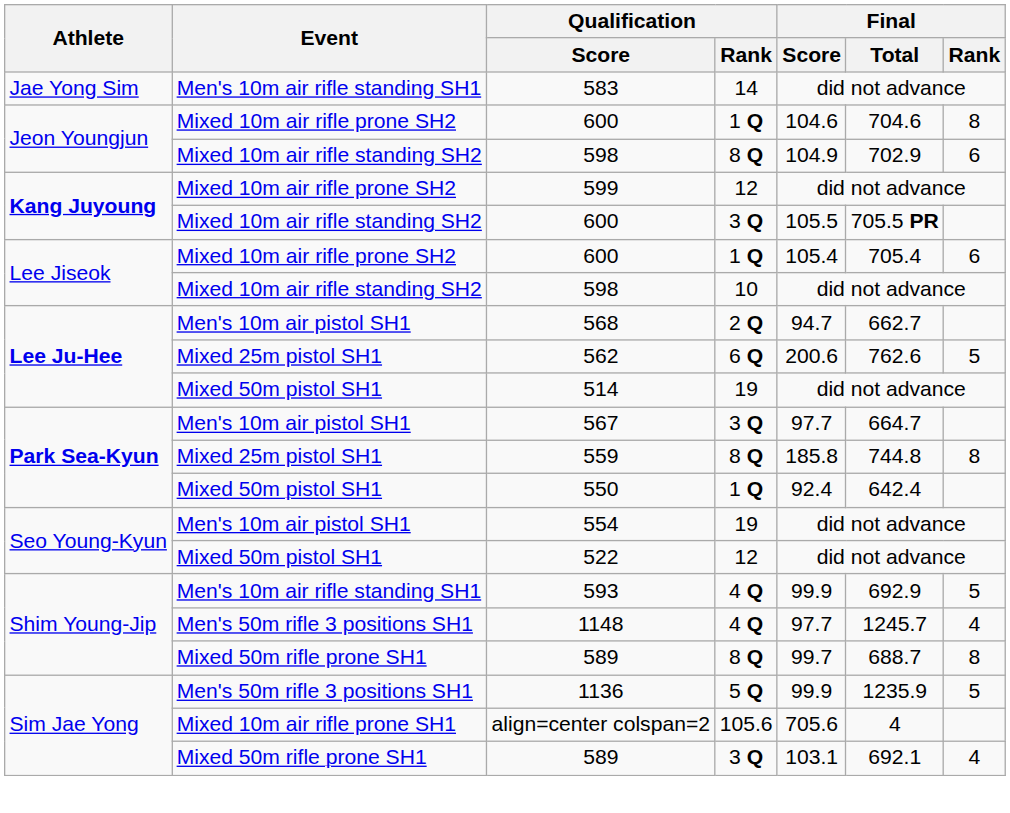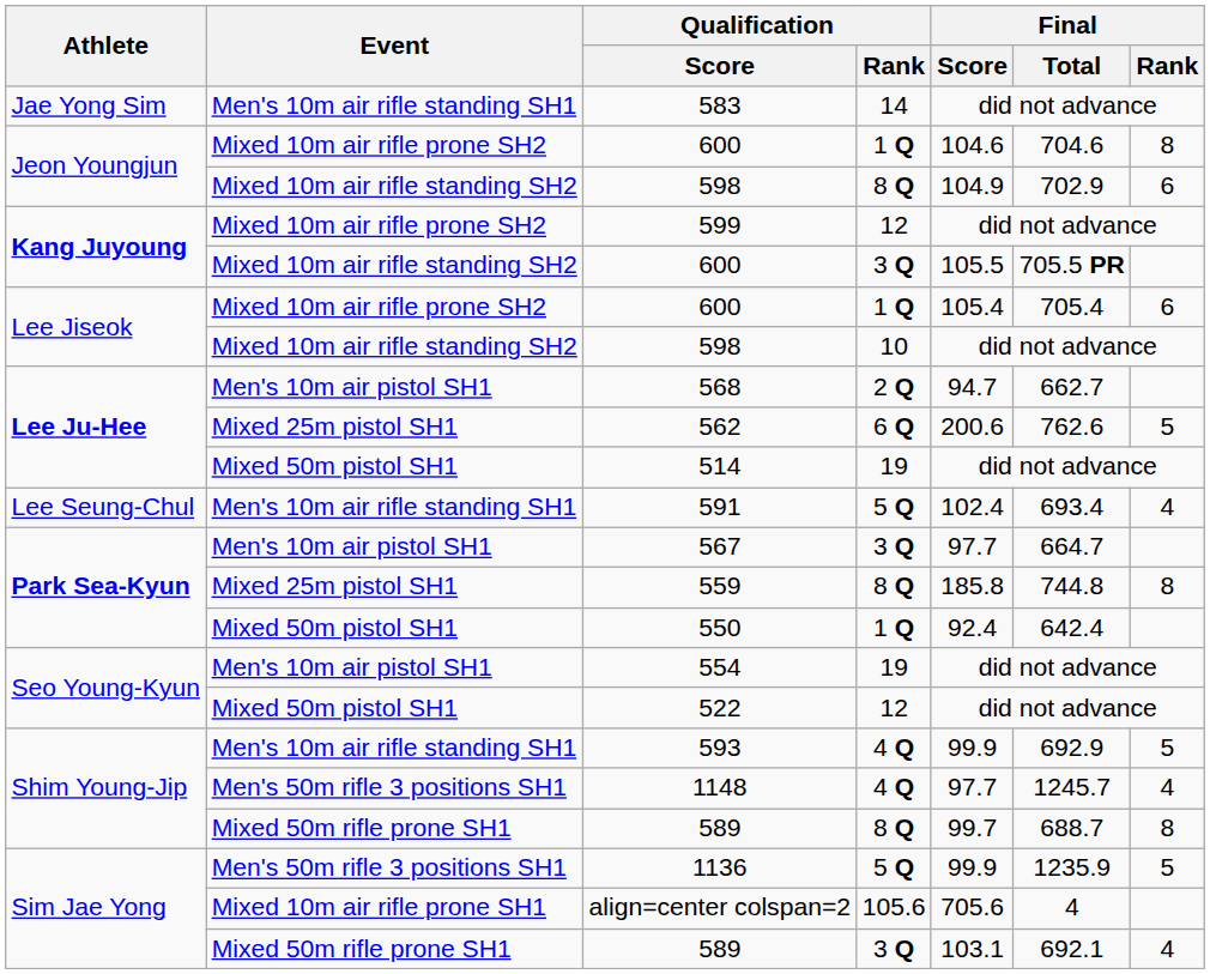 <table class=wikitable>
 <tr>
 <th rowspan="2">Athlete</th>
 <th rowspan="2">Event</th>
 <th colspan="2">Qualification</th>
 <th colspan="3">Final</th>
 </tr>
 <tr>
 <th>Score</th>
 <th>Rank</th>
 <th>Score</th>
 <th>Total</th>
 <th>Rank</th>
 </tr>
 <tr>
 <td><a href='#'>Jae Yong Sim</a></td>
 <td><a href='#'>Men's 10m air rifle standing SH1</a></td>
 <td align=center>583</td>
 <td align=center>14</td>
 <td align=center colspan=3>did not advance</td>
 </tr>
 <tr>
 <td rowspan=2><a href='#'>Jeon Youngjun</a></td>
 <td><a href='#'>Mixed 10m air rifle prone SH2</a></td>
 <td align=center>600</td>
 <td align=center>1 <strong>Q</strong></td>
 <td align=center>104.6</td>
 <td align=center>704.6</td>
 <td align=center>8</td>
 </tr>
 <tr>
 <td><a href='#'>Mixed 10m air rifle standing SH2</a></td>
 <td align=center>598</td>
 <td align=center>8 <strong>Q</strong></td>
 <td align=center>104.9</td>
 <td align=center>702.9</td>
 <td align=center>6</td>
 </tr>
 <tr>
 <td rowspan=2><strong><a href='#'>Kang Juyoung</a></strong></td>
 <td><a href='#'>Mixed 10m air rifle prone SH2</a></td>
 <td align=center>599</td>
 <td align=center>12</td>
 <td align=center colspan=3>did not advance</td>
 </tr>
 <tr>
 <td><a href='#'>Mixed 10m air rifle standing SH2</a></td>
 <td align=center>600</td>
 <td align=center>3 <strong>Q</strong></td>
 <td align=center>105.5</td>
 <td align=center>705.5 <strong>PR</strong></td>
 <td align=center></td>
 </tr>
 <tr>
 <td rowspan=2><a href='#'>Lee Jiseok</a></td>
 <td><a href='#'>Mixed 10m air rifle prone SH2</a></td>
 <td align=center>600</td>
 <td align=center>1 <strong>Q</strong></td>
 <td align=center>105.4</td>
 <td align=center>705.4</td>
 <td align=center>6</td>
 </tr>
 <tr>
 <td><a href='#'>Mixed 10m air rifle standing SH2</a></td>
 <td align=center>598</td>
 <td align=center>10</td>
 <td align=center colspan=3>did not advance</td>
 </tr>
 <tr>
 <td rowspan=3><strong><a href='#'>Lee Ju-Hee</a></strong></td>
 <td><a href='#'>Men's 10m air pistol SH1</a></td>
 <td align=center>568</td>
 <td align=center>2 <strong>Q</strong></td>
 <td align=center>94.7</td>
 <td align=center>662.7</td>
 <td align=center></td>
 </tr>
 <tr>
 <td><a href='#'>Mixed 25m pistol SH1</a></td>
 <td align=center>562</td>
 <td align=center>6 <strong>Q</strong></td>
 <td align=center>200.6</td>
 <td align=center>762.6</td>
 <td align=center>5</td>
 </tr>
 <tr>
 <td><a href='#'>Mixed 50m pistol SH1</a></td>
 <td align=center>514</td>
 <td align=center>19</td>
 <td align=center colspan=3>did not advance</td>
 </tr>
 <tr>
+<td><a href='#'>Lee Seung-Chul</a></td>
+<td><a href='#'>Men's 10m air rifle standing SH1</a></td>
+<td align=center>591</td>
+<td align=center>5 <strong>Q</strong></td>
+<td align=center>102.4</td>
+<td align=center>693.4</td>
+<td align=center>4</td>
+</tr>
+<tr>
 <td rowspan=3><strong><a href='#'>Park Sea-Kyun</a></strong></td>
 <td><a href='#'>Men's 10m air pistol SH1</a></td>
 <td align=center>567</td>
 <td align=center>3 <strong>Q</strong></td>
 <td align=center>97.7</td>
 <td align=center>664.7</td>
 <td align=center></td>
 </tr>
 <tr>
 <td><a href='#'>Mixed 25m pistol SH1</a></td>
 <td align=center>559</td>
 <td align=center>8 <strong>Q</strong></td>
 <td align=center>185.8</td>
 <td align=center>744.8</td>
 <td align=center>8</td>
 </tr>
 <tr>
 <td><a href='#'>Mixed 50m pistol SH1</a></td>
 <td align=center>550</td>
 <td align=center>1 <strong>Q</strong></td>
 <td align=center>92.4</td>
 <td align=center>642.4</td>
 <td align=center></td>
 </tr>
 <tr>
 <td rowspan=2><a href='#'>Seo Young-Kyun</a></td>
 <td><a href='#'>Men's 10m air pistol SH1</a></td>
 <td align=center>554</td>
 <td align=center>19</td>
 <td align=center colspan=3>did not advance</td>
 </tr>
 <tr>
 <td><a href='#'>Mixed 50m pistol SH1</a></td>
 <td align=center>522</td>
 <td align=center>12</td>
 <td align=center colspan=3>did not advance</td>
 </tr>
 <tr>
 <td rowspan=3><a href='#'>Shim Young-Jip</a></td>
 <td><a href='#'>Men's 10m air rifle standing SH1</a></td>
 <td align=center>593</td>
 <td align=center>4 <strong>Q</strong></td>
 <td align=center>99.9</td>
 <td align=center>692.9</td>
 <td align=center>5</td>
 </tr>
 <tr>
 <td><a href='#'>Men's 50m rifle 3 positions SH1</a></td>
 <td align=center>1148</td>
 <td align=center>4 <strong>Q</strong></td>
 <td align=center>97.7</td>
 <td align=center>1245.7</td>
 <td align=center>4</td>
 </tr>
 <tr>
 <td><a href='#'>Mixed 50m rifle prone SH1</a></td>
 <td align=center>589</td>
 <td align=center>8 <strong>Q</strong></td>
 <td align=center>99.7</td>
 <td align=center>688.7</td>
 <td align=center>8</td>
 </tr>
 <tr>
 <td rowspan=3><a href='#'>Sim Jae Yong</a></td>
 <td><a href='#'>Men's 50m rifle 3 positions SH1</a></td>
 <td align=center>1136</td>
 <td align=center>5 <strong>Q</strong></td>
 <td align=center>99.9</td>
 <td align=center>1235.9</td>
 <td align=center>5</td>
 </tr>
 <tr>
 <td><a href='#'>Mixed 10m air rifle prone SH1</a></td>
 <td>align=center colspan=2 </td>
 <td align=center>105.6</td>
 <td align=center>705.6</td>
 <td align=center>4</td>
 </tr>
 <tr>
 <td><a href='#'>Mixed 50m rifle prone SH1</a></td>
 <td align=center>589</td>
 <td align=center>3 <strong>Q</strong></td>
 <td align=center>103.1</td>
 <td align=center>692.1</td>
 <td align=center>4</td>
 </tr>
 </table>
